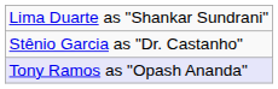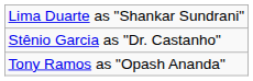 <table class="wikitable sortable">
 <tr>
 <td><a href='#'>Lima Duarte</a> as "Shankar Sundrani"</td>
 </tr>
 <tr>
 <td><a href='#'>Stênio Garcia</a> as "Dr. Castanho"</td>
 </tr>
 <tr>
-<td style="background: lavender;"><a href='#'>Tony Ramos</a> as "Opash Ananda"</td>
+<td><a href='#'>Tony Ramos</a> as "Opash Ananda"</td>
 </tr>
 </table>
